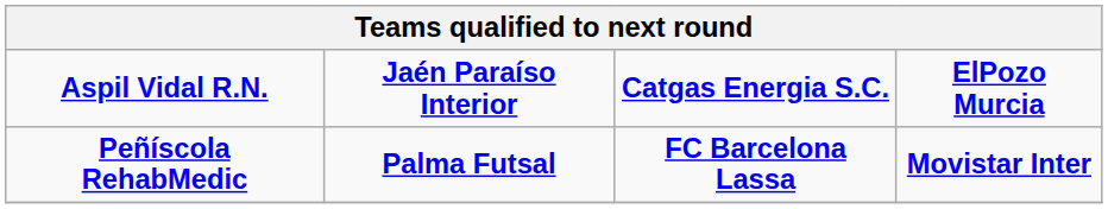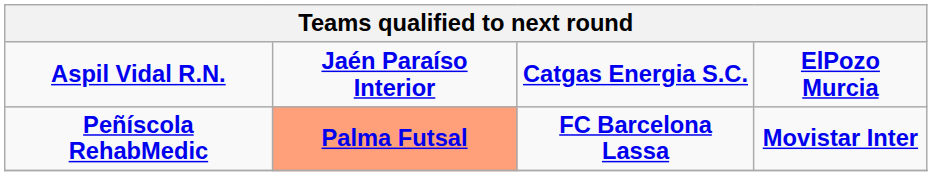 <table class="wikitable" style="text-align: center; margin: 0 auto;">
 <tr>
 <th colspan=4>Teams qualified to next round</th>
 </tr>
 <tr>
 <td><strong><a href='#'>Aspil Vidal R.N.</a></strong></td>
 <td><strong><a href='#'>Jaén Paraíso Interior</a></strong></td>
 <td><strong><a href='#'>Catgas Energia S.C.</a></strong></td>
 <td><strong><a href='#'>ElPozo Murcia</a></strong></td>
 </tr>
 <tr>
 <td><strong><a href='#'>Peñíscola RehabMedic</a></strong></td>
-<td><strong><a href='#'>Palma Futsal</a></strong></td>
+<td style="background: lightsalmon;"><strong><a href='#'>Palma Futsal</a></strong></td>
 <td><strong><a href='#'>FC Barcelona Lassa</a></strong></td>
 <td><strong><a href='#'>Movistar Inter</a></strong></td>
 </tr>
 <tr>
 </tr>
 </table>
